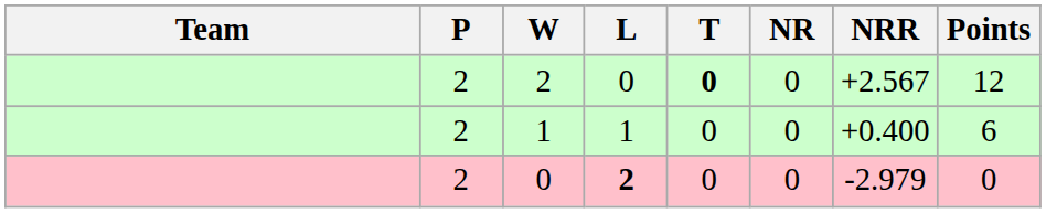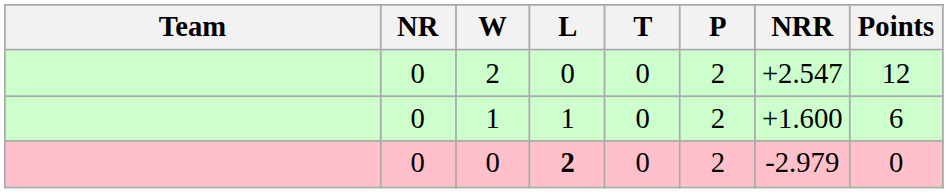 <table class="wikitable" style="text-align: center;">
 <tr>
 <th width=40%>Team</th>
-<th width=8%>P</th>
+<th width=8%>NR</th>
 <th width=8%>W</th>
 <th width=8%>L</th>
 <th width=8%>T</th>
-<th width=8%>NR</th>
+<th width=8%>P</th>
 <th width=10%>NRR</th>
 <th width=10%>Points</th>
 </tr>
 <tr bgcolor=ccffcc>
 <td align=left></td>
-<td>2</td>
+<td>0</td>
 <td>2</td>
 <td>0</td>
-<td><strong>0</strong></td>
 <td>0</td>
-<td>+2.567</td>
+<td>2</td>
+<td>+2.547</td>
 <td>12</td>
 </tr>
 <tr bgcolor=ccffcc>
 <td align=left></td>
-<td>2</td>
+<td>0</td>
 <td>1</td>
 <td>1</td>
 <td>0</td>
-<td>0</td>
-<td>+0.400</td>
+<td>2</td>
+<td>+1.600</td>
 <td>6</td>
 </tr>
 <tr bgcolor=pink>
 <td align=left></td>
-<td>2</td>
+<td>0</td>
 <td>0</td>
 <td><strong>2</strong></td>
 <td>0</td>
-<td>0</td>
+<td>2</td>
 <td>-2.979</td>
 <td>0</td>
 </tr>
 </table>
